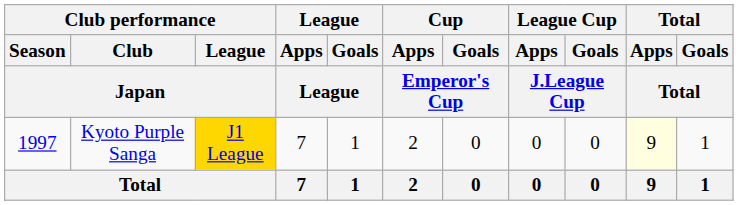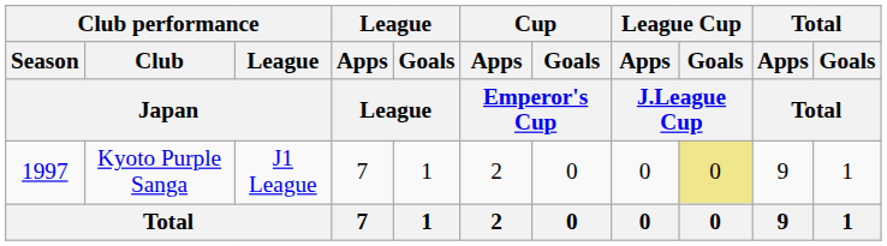 <table class="wikitable" style="text-align:center;">
 <tr>
 <th colspan=3>Club performance</th>
 <th colspan=2>League</th>
 <th colspan=2>Cup</th>
 <th colspan=2>League Cup</th>
 <th colspan=2>Total</th>
 </tr>
 <tr>
 <th>Season</th>
 <th>Club</th>
 <th>League</th>
 <th>Apps</th>
 <th>Goals</th>
 <th>Apps</th>
 <th>Goals</th>
 <th>Apps</th>
 <th>Goals</th>
 <th>Apps</th>
 <th>Goals</th>
 </tr>
 <tr>
 <th colspan=3>Japan</th>
 <th colspan=2>League</th>
 <th colspan=2><a href='#'>Emperor's Cup</a></th>
 <th colspan=2><a href='#'>J.League Cup</a></th>
 <th colspan=2>Total</th>
 </tr>
 <tr>
 <td><a href='#'>1997</a></td>
 <td><a href='#'>Kyoto Purple Sanga</a></td>
-<td style="background: gold;"><a href='#'>J1 League</a></td>
+<td><a href='#'>J1 League</a></td>
 <td>7</td>
 <td>1</td>
 <td>2</td>
 <td>0</td>
 <td>0</td>
-<td>0</td>
-<td style="background: lightyellow;">9</td>
+<td style="background: khaki;">0</td>
+<td>9</td>
 <td>1</td>
 </tr>
 <tr>
 <th colspan=3>Total</th>
 <th>7</th>
 <th>1</th>
 <th>2</th>
 <th>0</th>
 <th>0</th>
 <th>0</th>
 <th>9</th>
 <th>1</th>
 </tr>
 </table>
